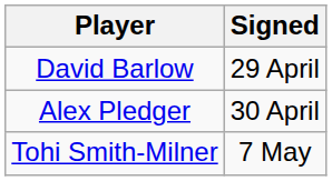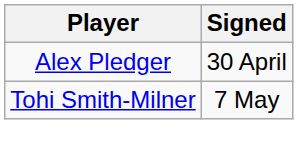 <table class="wikitable sortable sortable" style="text-align: center">
 <tr>
 <th>Player</th>
 <th>Signed</th>
-</tr>
-<tr>
-<td><a href='#'>David Barlow</a></td>
-<td>29 April</td>
 </tr>
 <tr>
 <td><a href='#'>Alex Pledger</a></td>
 <td>30 April</td>
 </tr>
 <tr>
 <td><a href='#'>Tohi Smith-Milner</a></td>
 <td>7 May</td>
 </tr>
 </table>
